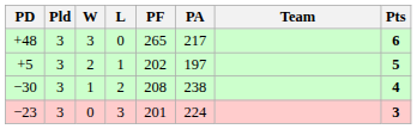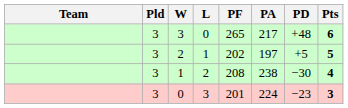 <table class="wikitable" style="text-align:center;">
 <tr>
-<th width=35>PD</th>
+<th width=170>Team</th>
 <th width=25>Pld</th>
 <th width=25>W</th>
 <th width=25>L</th>
 <th width=35>PF</th>
 <th width=35>PA</th>
-<th width=170>Team</th>
+<th width=35>PD</th>
 <th width=25>Pts</th>
 </tr>
 <tr bgcolor=ccffcc>
-<td>+48</td>
+<td align="left"></td>
 <td>3</td>
 <td>3</td>
 <td>0</td>
 <td>265</td>
 <td>217</td>
-<td align="left"></td>
+<td>+48</td>
 <td><strong>6</strong></td>
 </tr>
 <tr bgcolor=ccffcc>
-<td>+5</td>
+<td align="left"></td>
 <td>3</td>
 <td>2</td>
 <td>1</td>
 <td>202</td>
 <td>197</td>
-<td align="left"></td>
+<td>+5</td>
 <td><strong>5</strong></td>
 </tr>
 <tr bgcolor=ccffcc>
-<td>−30</td>
+<td align="left"></td>
 <td>3</td>
 <td>1</td>
 <td>2</td>
 <td>208</td>
 <td>238</td>
-<td align="left"></td>
+<td>−30</td>
 <td><strong>4</strong></td>
 </tr>
 <tr bgcolor=ffcccc>
-<td>−23</td>
+<td align="left"></td>
 <td>3</td>
 <td>0</td>
 <td>3</td>
 <td>201</td>
 <td>224</td>
-<td align="left"></td>
+<td>−23</td>
 <td><strong>3</strong></td>
 </tr>
 </table>
